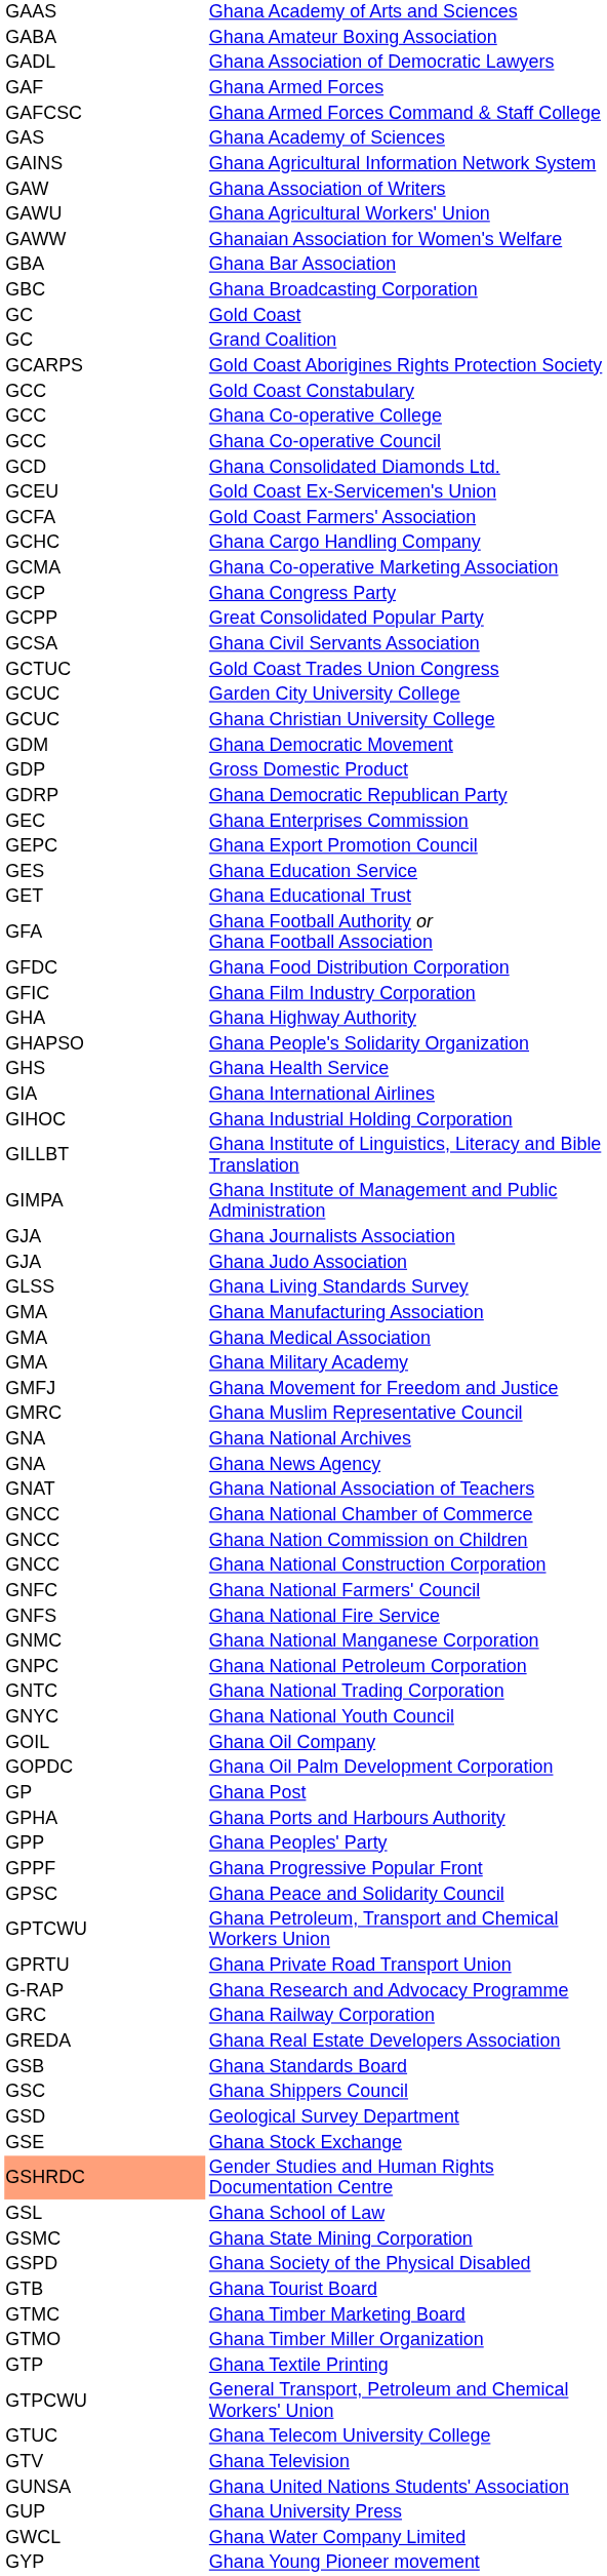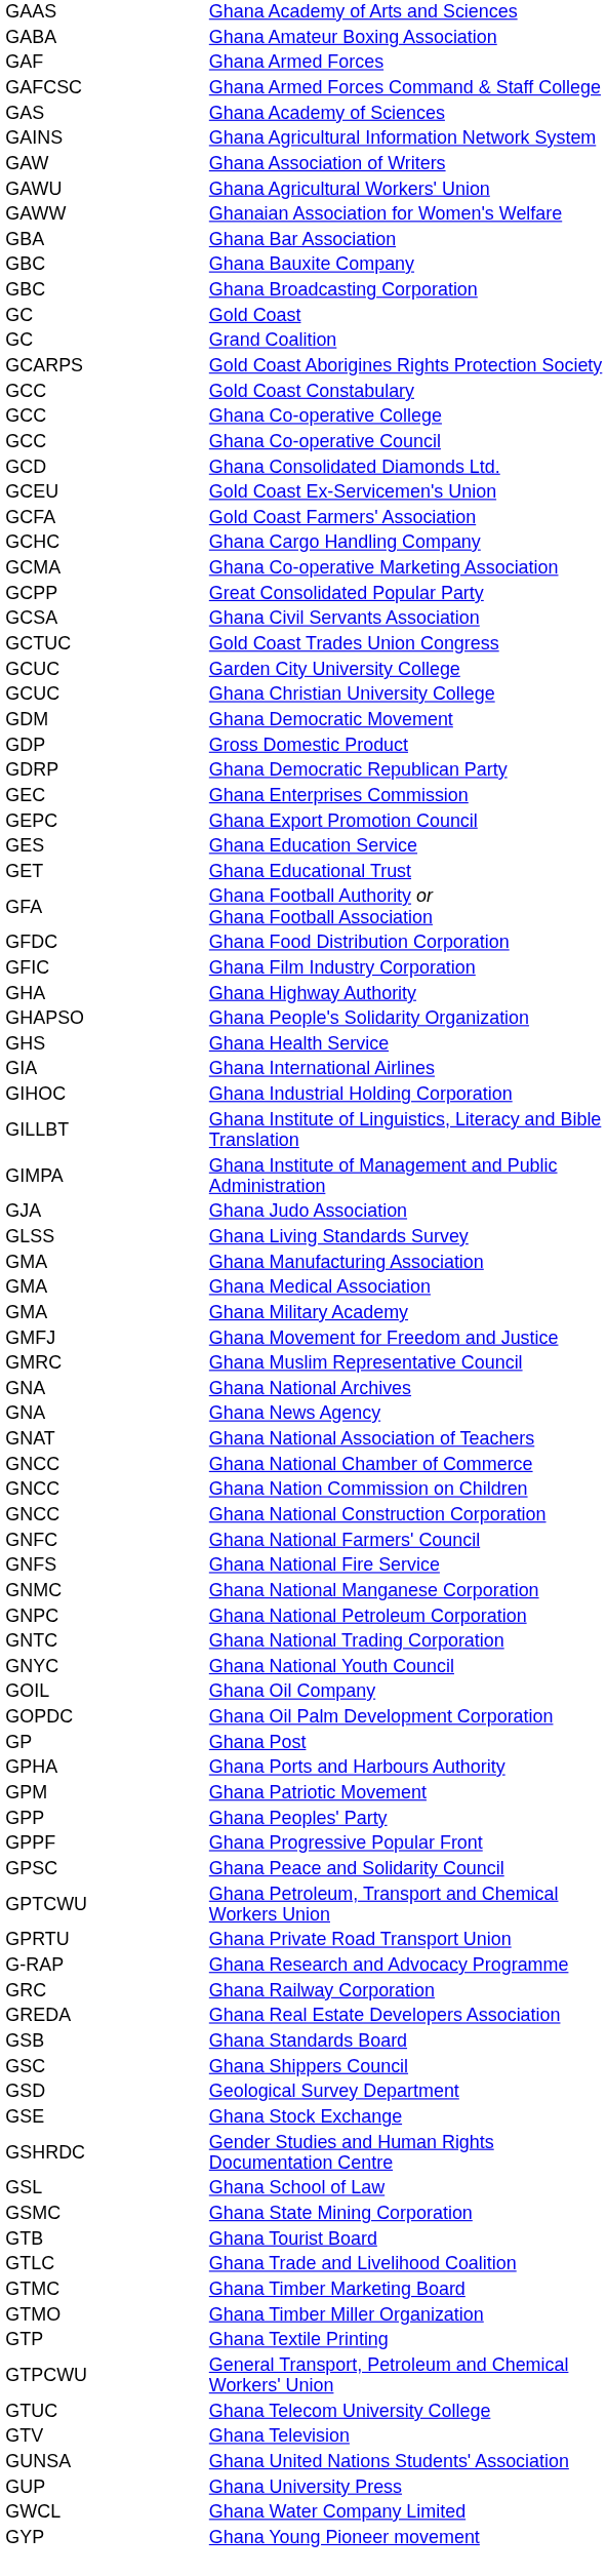 <table width="100%" style="text-verticalalign:top">
 <tr>
 <td width="20%">GAAS</td>
 <td width="40%"><a href='#'>Ghana Academy of Arts and Sciences</a></td>
 <td width="40%"></td>
 </tr>
 <tr>
 <td>GABA</td>
 <td><a href='#'>Ghana Amateur Boxing Association</a></td>
-<td></td>
-</tr>
-<tr>
-<td>GADL</td>
-<td><a href='#'>Ghana Association of Democratic Lawyers</a></td>
 <td></td>
 </tr>
 <tr>
 <td>GAF</td>
 <td><a href='#'>Ghana Armed Forces</a></td>
 <td></td>
 </tr>
 <tr>
 <td>GAFCSC</td>
 <td><a href='#'>Ghana Armed Forces Command & Staff College</a></td>
 <td></td>
 </tr>
 <tr>
 <td>GAS</td>
 <td><a href='#'>Ghana Academy of Sciences</a></td>
 <td></td>
 </tr>
 <tr>
 <td>GAINS</td>
 <td><a href='#'>Ghana Agricultural Information Network System</a></td>
 <td></td>
 </tr>
 <tr>
 <td>GAW</td>
 <td><a href='#'>Ghana Association of Writers</a></td>
 <td></td>
 </tr>
 <tr>
 <td>GAWU</td>
 <td><a href='#'>Ghana Agricultural Workers' Union</a></td>
 <td></td>
 </tr>
 <tr>
 <td>GAWW</td>
 <td><a href='#'>Ghanaian Association for Women's Welfare</a></td>
 <td></td>
 </tr>
 <tr>
 <td>GBA</td>
 <td><a href='#'>Ghana Bar Association</a></td>
+<td></td>
+</tr>
+<tr>
+<td>GBC</td>
+<td><a href='#'>Ghana Bauxite Company</a></td>
 <td></td>
 </tr>
 <tr>
 <td>GBC</td>
 <td><a href='#'>Ghana Broadcasting Corporation</a></td>
 <td></td>
 </tr>
 <tr>
 <td>GC</td>
 <td><a href='#'>Gold Coast</a></td>
 <td></td>
 </tr>
 <tr>
 <td>GC</td>
 <td><a href='#'>Grand Coalition</a></td>
 <td></td>
 </tr>
 <tr>
 <td>GCARPS</td>
 <td><a href='#'>Gold Coast Aborigines Rights Protection Society</a></td>
 <td></td>
 </tr>
 <tr>
 <td>GCC</td>
 <td><a href='#'>Gold Coast Constabulary</a></td>
 <td></td>
 </tr>
 <tr>
 <td>GCC</td>
 <td><a href='#'>Ghana Co-operative College</a></td>
 <td></td>
 </tr>
 <tr>
 <td>GCC</td>
 <td><a href='#'>Ghana Co-operative Council</a></td>
 <td></td>
 </tr>
 <tr>
 <td>GCD</td>
 <td><a href='#'>Ghana Consolidated Diamonds Ltd.</a></td>
 <td></td>
 </tr>
 <tr>
 <td>GCEU</td>
 <td><a href='#'>Gold Coast Ex-Servicemen's Union</a></td>
 <td></td>
 </tr>
 <tr>
 <td>GCFA</td>
 <td><a href='#'>Gold Coast Farmers' Association</a></td>
 <td></td>
 </tr>
 <tr>
 <td>GCHC</td>
 <td><a href='#'>Ghana Cargo Handling Company</a></td>
 <td></td>
 </tr>
 <tr>
 <td>GCMA</td>
 <td><a href='#'>Ghana Co-operative Marketing Association</a></td>
-<td></td>
-</tr>
-<tr>
-<td>GCP</td>
-<td><a href='#'>Ghana Congress Party</a></td>
 <td></td>
 </tr>
 <tr>
 <td>GCPP</td>
 <td><a href='#'>Great Consolidated Popular Party</a></td>
 <td></td>
 </tr>
 <tr>
 <td>GCSA</td>
 <td><a href='#'>Ghana Civil Servants Association</a></td>
 <td></td>
 </tr>
 <tr>
 <td>GCTUC</td>
 <td><a href='#'>Gold Coast Trades Union Congress</a></td>
 <td></td>
 </tr>
 <tr>
 <td>GCUC</td>
 <td><a href='#'>Garden City University College</a></td>
 <td></td>
 </tr>
 <tr>
 <td>GCUC</td>
 <td><a href='#'>Ghana Christian University College</a></td>
 <td></td>
 </tr>
 <tr>
 <td>GDM</td>
 <td><a href='#'>Ghana Democratic Movement</a></td>
 <td></td>
 </tr>
 <tr>
 <td>GDP</td>
 <td><a href='#'>Gross Domestic Product</a></td>
 <td></td>
 </tr>
 <tr>
 <td>GDRP</td>
 <td><a href='#'>Ghana Democratic Republican Party</a></td>
 <td></td>
 </tr>
 <tr>
 <td>GEC</td>
 <td><a href='#'>Ghana Enterprises Commission</a></td>
 <td></td>
 </tr>
 <tr>
 <td>GEPC</td>
 <td><a href='#'>Ghana Export Promotion Council</a></td>
 <td></td>
 </tr>
 <tr>
 <td>GES</td>
 <td><a href='#'>Ghana Education Service</a></td>
 <td></td>
 </tr>
 <tr>
 <td>GET</td>
 <td><a href='#'>Ghana Educational Trust</a></td>
 <td></td>
 </tr>
 <tr>
 <td>GFA</td>
 <td><a href='#'>Ghana Football Authority</a>   <em>or</em> <br> <a href='#'>Ghana Football Association</a></td>
 <td></td>
 </tr>
 <tr>
 <td>GFDC</td>
 <td><a href='#'>Ghana Food Distribution Corporation</a></td>
 <td></td>
 </tr>
 <tr>
 <td>GFIC</td>
 <td><a href='#'>Ghana Film Industry Corporation</a></td>
 <td></td>
 </tr>
 <tr>
 <td>GHA</td>
 <td><a href='#'>Ghana Highway Authority</a></td>
 <td></td>
 </tr>
 <tr>
 <td>GHAPSO</td>
 <td><a href='#'>Ghana People's Solidarity Organization</a></td>
 <td></td>
 </tr>
 <tr>
 <td>GHS</td>
 <td><a href='#'>Ghana Health Service</a></td>
 <td></td>
 </tr>
 <tr>
 <td>GIA</td>
 <td><a href='#'>Ghana International Airlines</a></td>
 <td></td>
 </tr>
 <tr>
 <td>GIHOC</td>
 <td><a href='#'>Ghana Industrial Holding Corporation</a></td>
 <td></td>
 </tr>
 <tr>
 <td>GILLBT</td>
 <td><a href='#'>Ghana Institute of Linguistics, Literacy and Bible Translation</a></td>
 <td></td>
 </tr>
 <tr>
 <td>GIMPA</td>
 <td><a href='#'>Ghana Institute of Management and Public Administration</a></td>
-<td></td>
-</tr>
-<tr>
-<td>GJA</td>
-<td><a href='#'>Ghana Journalists Association</a></td>
 <td></td>
 </tr>
 <tr>
 <td>GJA</td>
 <td><a href='#'>Ghana Judo Association</a></td>
 <td></td>
 </tr>
 <tr>
 <td>GLSS</td>
 <td><a href='#'>Ghana Living Standards Survey</a></td>
 <td></td>
 </tr>
 <tr>
 <td>GMA</td>
 <td><a href='#'>Ghana Manufacturing Association</a></td>
 <td></td>
 </tr>
 <tr>
 <td>GMA</td>
 <td><a href='#'>Ghana Medical Association</a></td>
 <td></td>
 </tr>
 <tr>
 <td>GMA</td>
 <td><a href='#'>Ghana Military Academy</a></td>
 <td></td>
 </tr>
 <tr>
 <td>GMFJ</td>
 <td><a href='#'>Ghana Movement for Freedom and Justice</a></td>
 <td></td>
 </tr>
 <tr>
 <td>GMRC</td>
 <td><a href='#'>Ghana Muslim Representative Council</a></td>
 <td></td>
 </tr>
 <tr>
 <td>GNA</td>
 <td><a href='#'>Ghana National Archives</a></td>
 <td></td>
 </tr>
 <tr>
 <td>GNA</td>
 <td><a href='#'>Ghana News Agency</a></td>
 <td></td>
 </tr>
 <tr>
 <td>GNAT</td>
 <td><a href='#'>Ghana National Association of Teachers</a></td>
 <td></td>
 </tr>
 <tr>
 <td>GNCC</td>
 <td><a href='#'>Ghana National Chamber of Commerce</a></td>
 <td></td>
 </tr>
 <tr>
 <td>GNCC</td>
 <td><a href='#'>Ghana Nation Commission on Children</a></td>
 <td></td>
 </tr>
 <tr>
 <td>GNCC</td>
 <td><a href='#'>Ghana National Construction Corporation</a></td>
 <td></td>
 </tr>
 <tr>
 <td>GNFC</td>
 <td><a href='#'>Ghana National Farmers' Council</a></td>
 <td></td>
 </tr>
 <tr>
 <td>GNFS</td>
 <td><a href='#'>Ghana National Fire Service</a></td>
 <td></td>
 </tr>
 <tr>
 <td>GNMC</td>
 <td><a href='#'>Ghana National Manganese Corporation</a></td>
 <td></td>
 </tr>
 <tr>
 <td>GNPC</td>
 <td><a href='#'>Ghana National Petroleum Corporation</a></td>
 <td></td>
 </tr>
 <tr>
 <td>GNTC</td>
 <td><a href='#'>Ghana National Trading Corporation</a></td>
 <td></td>
 </tr>
 <tr>
 <td>GNYC</td>
 <td><a href='#'>Ghana National Youth Council</a></td>
 <td></td>
 </tr>
 <tr>
 <td>GOIL</td>
 <td><a href='#'>Ghana Oil Company</a></td>
 <td></td>
 </tr>
 <tr>
 <td>GOPDC</td>
 <td><a href='#'>Ghana Oil Palm Development Corporation</a></td>
 <td></td>
 </tr>
 <tr>
 <td>GP</td>
 <td><a href='#'>Ghana Post</a></td>
 <td></td>
 </tr>
 <tr>
 <td>GPHA</td>
 <td><a href='#'>Ghana Ports and Harbours Authority</a></td>
 <td></td>
 </tr>
 <tr>
+<td>GPM</td>
+<td><a href='#'>Ghana Patriotic Movement</a></td>
+<td></td>
+</tr>
+<tr>
 <td>GPP</td>
 <td><a href='#'>Ghana Peoples' Party</a></td>
 <td></td>
 </tr>
 <tr>
 <td>GPPF</td>
 <td><a href='#'>Ghana Progressive Popular Front</a></td>
 <td></td>
 </tr>
 <tr>
 <td>GPSC</td>
 <td><a href='#'>Ghana Peace and Solidarity Council</a></td>
 <td></td>
 </tr>
 <tr>
 <td>GPTCWU</td>
 <td><a href='#'>Ghana Petroleum, Transport and Chemical Workers Union</a></td>
 <td></td>
 </tr>
 <tr>
 <td>GPRTU</td>
 <td><a href='#'>Ghana Private Road Transport Union</a></td>
 <td></td>
 </tr>
 <tr>
 <td>G-RAP</td>
 <td><a href='#'>Ghana Research and Advocacy Programme</a></td>
 <td></td>
 </tr>
 <tr>
 <td>GRC</td>
 <td><a href='#'>Ghana Railway Corporation</a></td>
 <td></td>
 </tr>
 <tr>
 <td>GREDA</td>
 <td><a href='#'>Ghana Real Estate Developers Association</a></td>
 <td></td>
 </tr>
 <tr>
 <td>GSB</td>
 <td><a href='#'>Ghana Standards Board</a></td>
 <td></td>
 </tr>
 <tr>
 <td>GSC</td>
 <td><a href='#'>Ghana Shippers Council</a></td>
 <td></td>
 </tr>
 <tr>
 <td>GSD</td>
 <td><a href='#'>Geological Survey Department</a></td>
 <td></td>
 </tr>
 <tr>
 <td>GSE</td>
 <td><a href='#'>Ghana Stock Exchange</a></td>
 <td></td>
 </tr>
 <tr>
-<td style="background: lightsalmon;">GSHRDC</td>
+<td>GSHRDC</td>
 <td><a href='#'>Gender Studies and Human Rights Documentation Centre</a></td>
 <td></td>
 </tr>
 <tr>
 <td>GSL</td>
 <td><a href='#'>Ghana School of Law</a></td>
 <td></td>
 </tr>
 <tr>
 <td>GSMC</td>
 <td><a href='#'>Ghana State Mining Corporation</a></td>
 <td></td>
 </tr>
 <tr>
-<td>GSPD</td>
-<td><a href='#'>Ghana Society of the Physical Disabled</a></td>
+<td>GTB</td>
+<td><a href='#'>Ghana Tourist Board</a></td>
 <td></td>
 </tr>
 <tr>
-<td>GTB</td>
-<td><a href='#'>Ghana Tourist Board</a></td>
+<td>GTLC</td>
+<td><a href='#'>Ghana Trade and Livelihood Coalition</a></td>
 <td></td>
 </tr>
 <tr>
 <td>GTMC</td>
 <td><a href='#'>Ghana Timber Marketing Board</a></td>
 <td></td>
 </tr>
 <tr>
 <td>GTMO</td>
 <td><a href='#'>Ghana Timber Miller Organization</a></td>
 <td></td>
 </tr>
 <tr>
 <td>GTP</td>
 <td><a href='#'>Ghana Textile Printing</a></td>
 <td></td>
 </tr>
 <tr>
 <td>GTPCWU</td>
 <td><a href='#'>General Transport, Petroleum and Chemical Workers' Union</a></td>
 <td></td>
 </tr>
 <tr>
 <td>GTUC</td>
 <td><a href='#'>Ghana Telecom University College</a></td>
 <td></td>
 </tr>
 <tr>
 <td>GTV</td>
 <td><a href='#'>Ghana Television</a></td>
 <td></td>
 </tr>
 <tr>
 <td>GUNSA</td>
 <td><a href='#'>Ghana United Nations Students' Association</a></td>
 <td></td>
 </tr>
 <tr>
 <td>GUP</td>
 <td><a href='#'>Ghana University Press</a></td>
 <td></td>
 </tr>
 <tr>
 <td>GWCL</td>
 <td><a href='#'>Ghana Water Company Limited</a></td>
 <td></td>
 </tr>
 <tr>
 <td>GYP</td>
 <td><a href='#'>Ghana Young Pioneer movement</a></td>
 <td></td>
 </tr>
 </table>
